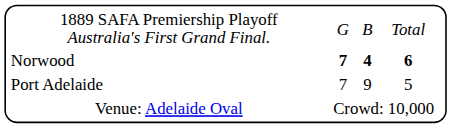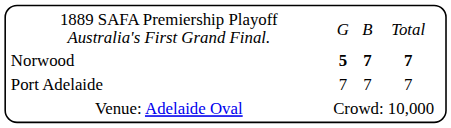 <table style="margin-right:4px; margin-top:8px; float:right; border:1px #000 solid; border-radius:8px; background:#fff; font-family:Verdana; font-size:8pt; text-align:center;">
 <tr>
 <td width=200>1889 SAFA Premiership Playoff<br> <em>Australia's First Grand Final.</em></td>
 <td><em>G</em></td>
 <td><em>B</em></td>
 <td><em>Total</em></td>
 </tr>
 <tr>
 <td style="text-align:left">Norwood</td>
+<td><strong>5</strong></td>
 <td><strong>7</strong></td>
-<td><strong>4</strong></td>
-<td><strong>6</strong></td>
+<td><strong>7</strong></td>
 </tr>
 <tr>
 <td style="text-align:left">Port Adelaide</td>
 <td>7</td>
-<td>9</td>
-<td>5</td>
+<td>7</td>
+<td>7</td>
 </tr>
 <tr>
 <td>Venue: <a href='#'>Adelaide Oval</a></td>
 <td colspan=3>Crowd: 10,000</td>
 <td colspan=3></td>
 </tr>
 </table>
